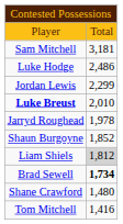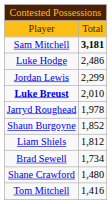 <table class="wikitable" style="text-align:center;">
 <tr>
 <td colspan="2" style="text-align:center; background: #4D2004; color: #FBBF15">Contested Possessions</td>
 </tr>
 <tr>
 <td style="text-align:center; background: #FBBF15; color: #4D2004">Player</td>
 <td style="text-align:center; background: #FBBF15; color: #4D2004">Total</td>
 </tr>
 <tr>
 <td><a href='#'>Sam Mitchell</a></td>
-<td>3,181</td>
+<td><strong>3,181</strong></td>
 </tr>
 <tr>
 <td><a href='#'>Luke Hodge</a></td>
 <td>2,486</td>
 </tr>
 <tr>
 <td><a href='#'>Jordan Lewis</a></td>
 <td>2,299</td>
 </tr>
 <tr>
 <td><strong><a href='#'>Luke Breust</a></strong></td>
 <td>2,010</td>
 </tr>
 <tr>
 <td><a href='#'>Jarryd Roughead</a></td>
 <td>1,978</td>
 </tr>
 <tr>
 <td><a href='#'>Shaun Burgoyne</a></td>
 <td>1,852</td>
 </tr>
 <tr>
 <td><a href='#'>Liam Shiels</a></td>
-<td style="background: lightgrey;">1,812</td>
+<td>1,812</td>
 </tr>
 <tr>
 <td><a href='#'>Brad Sewell</a></td>
-<td><strong>1,734</strong></td>
+<td>1,734</td>
 </tr>
 <tr>
 <td><a href='#'>Shane Crawford</a></td>
 <td>1,480</td>
 </tr>
 <tr>
 <td><a href='#'>Tom Mitchell</a></td>
 <td>1,416</td>
 </tr>
 </table>
